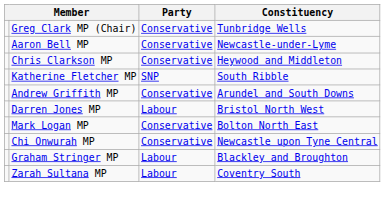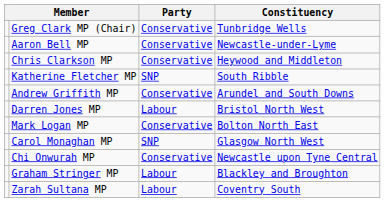 <table class="wikitable">
 <tr>
 <th colspan="2" valign="top">Member</th>
 <th valign="top">Party</th>
 <th valign="top">Constituency</th>
 </tr>
 <tr>
 <td style="color:inherit;background:"></td>
 <td><a href='#'>Greg Clark</a> MP (Chair)</td>
 <td><a href='#'>Conservative</a></td>
 <td><a href='#'>Tunbridge Wells</a></td>
 </tr>
 <tr>
 <td style="color:inherit;background:"></td>
 <td><a href='#'>Aaron Bell</a> MP</td>
 <td><a href='#'>Conservative</a></td>
 <td><a href='#'>Newcastle-under-Lyme</a></td>
 </tr>
 <tr>
 <td style="color:inherit;background:"></td>
 <td><a href='#'>Chris Clarkson</a> MP</td>
 <td><a href='#'>Conservative</a></td>
 <td><a href='#'>Heywood and Middleton</a></td>
 </tr>
 <tr>
 <td style="color:inherit;background:"></td>
 <td><a href='#'>Katherine Fletcher</a> MP</td>
 <td><a href='#'>SNP</a></td>
 <td><a href='#'>South Ribble</a></td>
 </tr>
 <tr>
 <td style="color:inherit;background:"></td>
 <td><a href='#'>Andrew Griffith</a> MP</td>
 <td><a href='#'>Conservative</a></td>
 <td><a href='#'>Arundel and South Downs</a></td>
 </tr>
 <tr>
 <td style="color:inherit;background:"></td>
 <td><a href='#'>Darren Jones</a> MP</td>
 <td><a href='#'>Labour</a></td>
 <td><a href='#'>Bristol North West</a></td>
 </tr>
 <tr>
 <td style="color:inherit;background:"></td>
 <td><a href='#'>Mark Logan</a> MP</td>
 <td><a href='#'>Conservative</a></td>
 <td><a href='#'>Bolton North East</a></td>
 </tr>
 <tr>
 <td style="color:inherit;background:"></td>
+<td><a href='#'>Carol Monaghan</a> MP</td>
+<td><a href='#'>SNP</a></td>
+<td><a href='#'>Glasgow North West</a></td>
+</tr>
+<tr>
+<td style="color:inherit;background:"></td>
 <td><a href='#'>Chi Onwurah</a> MP</td>
 <td><a href='#'>Conservative</a></td>
 <td><a href='#'>Newcastle upon Tyne Central</a></td>
 </tr>
 <tr>
 <td style="color:inherit;background:"></td>
 <td><a href='#'>Graham Stringer</a> MP</td>
 <td><a href='#'>Labour</a></td>
 <td><a href='#'>Blackley and Broughton</a></td>
 </tr>
 <tr>
 <td style="color:inherit;background:"></td>
 <td><a href='#'>Zarah Sultana</a> MP</td>
 <td><a href='#'>Labour</a></td>
 <td><a href='#'>Coventry South</a></td>
 </tr>
 </table>
